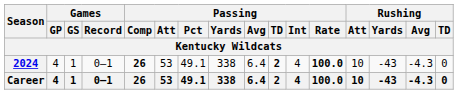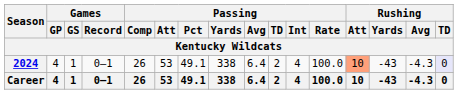 <table class="wikitable" style="text-align:center;">
 <tr>
 <th rowspan="2">Season</th>
 <th colspan="3">Games</th>
 <th colspan="8">Passing</th>
 <th colspan="5">Rushing</th>
 </tr>
 <tr>
 <th>GP</th>
 <th>GS</th>
 <th>Record</th>
 <th>Comp</th>
 <th>Att</th>
 <th>Pct</th>
 <th>Yards</th>
 <th>Avg</th>
 <th>TD</th>
 <th>Int</th>
 <th>Rate</th>
 <th>Att</th>
 <th>Yards</th>
 <th>Avg</th>
 <th>TD</th>
 </tr>
 <tr>
 <th colspan="17">Kentucky Wildcats</th>
 </tr>
 <tr>
 <th><a href='#'>2024</a></th>
 <td>4</td>
 <td>1</td>
 <td>0–1</td>
-<td><strong>26</strong></td>
+<td>26</td>
 <td>53</td>
 <td>49.1</td>
 <td>338</td>
 <td>6.4</td>
-<td><strong>2</strong></td>
+<td>2</td>
 <td>4</td>
-<td><strong>100.0</strong></td>
-<td>10</td>
+<td>100.0</td>
+<td style="background: lightsalmon;">10</td>
 <td>-43</td>
 <td>-4.3</td>
-<td>0</td>
+<td style="background: lavender;">0</td>
 </tr>
 <tr>
 <th>Career</th>
 <th>4</th>
 <th>1</th>
 <th>0–1</th>
 <th>26</th>
 <th>53</th>
 <th>49.1</th>
 <th>338</th>
 <th>6.4</th>
 <th>2</th>
 <th>4</th>
 <th>100.0</th>
 <th>10</th>
 <th>-43</th>
 <th>-4.3</th>
 <th>0</th>
 </tr>
 </table>
